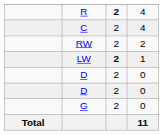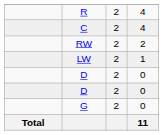 <table class="wikitable sortable" width ="40%">
 <tr align="center">
 </tr>
 <tr align="center" bgcolor="">
 <td></td>
 <td><a href='#'>R</a></td>
-<td><strong>2</strong></td>
+<td>2</td>
 <td>4</td>
 </tr>
 <tr align="center" bgcolor="f0f0f0">
 <td></td>
 <td><a href='#'>C</a></td>
 <td>2</td>
 <td>4</td>
 </tr>
 <tr align="center" bgcolor="">
 <td></td>
 <td><a href='#'>RW</a></td>
 <td>2</td>
 <td>2</td>
 </tr>
 <tr align="center" bgcolor="f0f0f0">
 <td></td>
 <td><a href='#'>LW</a></td>
-<td><strong>2</strong></td>
+<td>2</td>
 <td>1</td>
 </tr>
 <tr align="center" bgcolor="">
 <td></td>
 <td><a href='#'>D</a></td>
 <td>2</td>
 <td>0</td>
 </tr>
 <tr align="center" bgcolor="f0f0f0">
 <td></td>
 <td><a href='#'>D</a></td>
 <td>2</td>
 <td>0</td>
 </tr>
 <tr align="center" bgcolor="">
 <td></td>
 <td><a href='#'>G</a></td>
 <td>2</td>
 <td>0</td>
 </tr>
 <tr>
 <th>Total</th>
 <th></th>
 <th></th>
 <th>11</th>
 </tr>
 </table>
